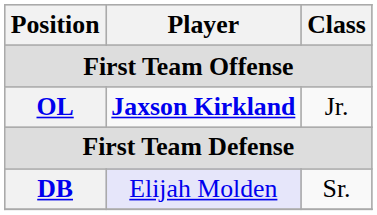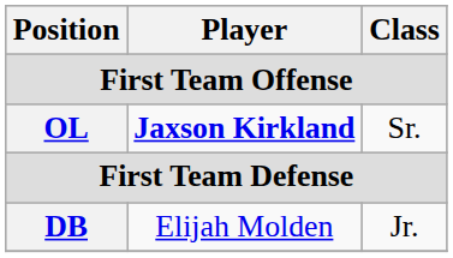 <table class="wikitable">
 <tr>
 <th>Position</th>
 <th>Player</th>
 <th>Class</th>
 </tr>
 <tr>
 <td colspan="4" style="text-align:center; background:#ddd;"><strong>First Team Offense</strong></td>
 </tr>
 <tr style="text-align:center;">
 <th><a href='#'>OL</a></th>
 <td><strong><a href='#'>Jaxson Kirkland</a></strong></td>
-<td>Jr.</td>
+<td>Sr.</td>
 </tr>
 <tr>
 <td colspan="4" style="text-align:center; background:#ddd;"><strong>First Team Defense</strong></td>
 </tr>
 <tr style="text-align:center;">
 <th><a href='#'>DB</a></th>
-<td style="background: lavender;"><a href='#'>Elijah Molden</a></td>
-<td>Sr.</td>
+<td><a href='#'>Elijah Molden</a></td>
+<td>Jr.</td>
 </tr>
 <tr>
 </tr>
 </table>
